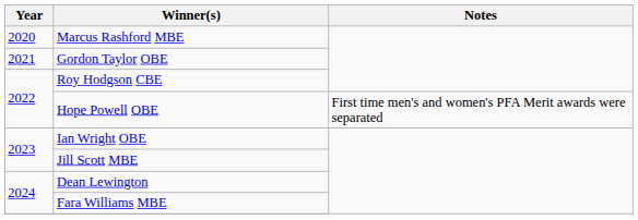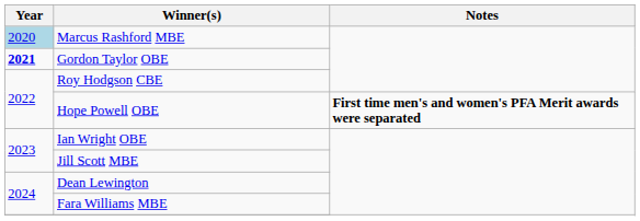 <table class="wikitable">
 <tr>
 <th>Year</th>
 <th>Winner(s)</th>
 <th width="350px">Notes</th>
 </tr>
 <tr>
-<td width="50px"><a href='#'>2020</a></td>
+<td width="50px" style="background: lightblue;"><a href='#'>2020</a></td>
 <td width="315px"> <a href='#'>Marcus Rashford</a> <a href='#'>MBE</a></td>
 </tr>
 <tr>
-<td width="50px"><a href='#'>2021</a></td>
+<td width="50px"><strong><a href='#'>2021</a></strong></td>
 <td width="315px"> <a href='#'>Gordon Taylor</a> <a href='#'>OBE</a></td>
 </tr>
 <tr>
 <td rowspan=2 width="50px"><a href='#'>2022</a></td>
 <td width="315px"> <a href='#'>Roy Hodgson</a> <a href='#'>CBE</a></td>
 </tr>
 <tr>
 <td width="315px"> <a href='#'>Hope Powell</a> <a href='#'>OBE</a></td>
-<td>First time men's and women's PFA Merit awards were separated</td>
+<td><strong>First time men's and women's PFA Merit awards were separated</strong></td>
 </tr>
 <tr>
 <td rowspan=2 width="50px"><a href='#'>2023</a></td>
 <td width="315px"> <a href='#'>Ian Wright</a> <a href='#'>OBE</a></td>
 </tr>
 <tr>
 <td width="315px"> <a href='#'>Jill Scott</a> <a href='#'>MBE</a></td>
 </tr>
 <tr>
 <td rowspan=2 width="50px"><a href='#'>2024</a></td>
 <td width="315px"> <a href='#'>Dean Lewington</a></td>
 </tr>
 <tr>
 <td width="315px"> <a href='#'>Fara Williams</a> <a href='#'>MBE</a></td>
 </tr>
 <tr>
 </tr>
 </table>
